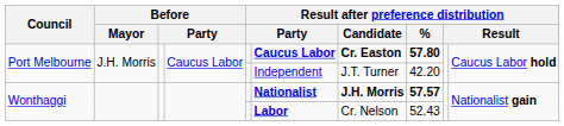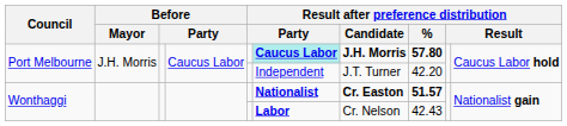 <table class="wikitable sortable" style="border: none;">
 <tr>
 <th rowspan="2">Council</th>
 <th colspan="3">Before</th>
 <th colspan="8">Result after <a href='#'>preference distribution</a></th>
 </tr>
 <tr>
 <th>Mayor</th>
 <th colspan="2">Party</th>
 <th colspan="2">Party</th>
 <th>Candidate</th>
 <th>%</th>
 <th colspan="2">Result</th>
 </tr>
 <tr>
 <td rowspan="2"><a href='#'>Port Melbourne</a></td>
 <td rowspan="2">J.H. Morris</td>
 <td rowspan="2" ></td>
 <td rowspan="2"><a href='#'>Caucus Labor</a></td>
 <td></td>
-<td><strong><a href='#'>Caucus Labor</a></strong></td>
-<td><strong>Cr. Easton</strong></td>
+<td style="background: paleturquoise;"><strong><a href='#'>Caucus Labor</a></strong></td>
+<td><strong>J.H. Morris</strong></td>
 <td><strong>57.80</strong></td>
 <td rowspan="2" ></td>
 <td rowspan="2"><a href='#'>Caucus Labor</a> <strong>hold</strong></td>
 </tr>
 <tr>
 <td></td>
 <td><a href='#'>Independent</a></td>
 <td>J.T. Turner</td>
 <td>42.20</td>
 </tr>
 <tr>
 <td rowspan="2"><a href='#'>Wonthaggi</a></td>
 <td rowspan="2"></td>
 <td rowspan="2" ></td>
 <td rowspan="2"></td>
 <td></td>
 <td><strong><a href='#'>Nationalist</a></strong></td>
-<td><strong>J.H. Morris</strong></td>
-<td><strong>57.57</strong></td>
+<td><strong>Cr. Easton</strong></td>
+<td><strong>51.57</strong></td>
 <td rowspan="2" ></td>
 <td rowspan="2"><a href='#'>Nationalist</a> <strong>gain</strong></td>
 </tr>
 <tr>
 <td></td>
 <td><strong><a href='#'>Labor</a></strong></td>
 <td>Cr. Nelson</td>
-<td>52.43</td>
+<td>42.43</td>
 </tr>
 </table>
